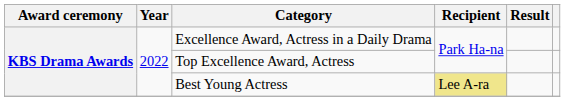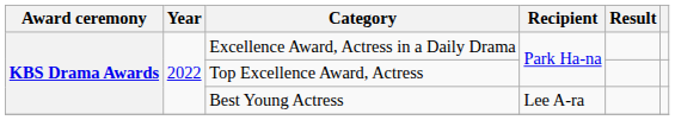 <table class="wikitable plainrowheaders sortable">
 <tr>
 <th scope="col">Award ceremony</th>
 <th scope="col">Year</th>
 <th scope="col">Category</th>
 <th scope="col">Recipient</th>
 <th scope="col">Result</th>
 <th scope="col" class="unsortable"></th>
 </tr>
 <tr>
 <th scope="row" rowspan="3"><a href='#'>KBS Drama Awards</a></th>
 <td style="text-align:center" rowspan="3"><a href='#'>2022</a></td>
 <td>Excellence Award, Actress in a Daily Drama</td>
 <td rowspan="2"><a href='#'>Park Ha-na</a></td>
 <td></td>
 <td style="text-align:center"></td>
 </tr>
 <tr>
 <td>Top Excellence Award, Actress</td>
 <td></td>
 <td style="text-align:center"></td>
 </tr>
 <tr>
 <td>Best Young Actress</td>
-<td style="background: khaki;">Lee A-ra</td>
+<td>Lee A-ra</td>
 <td></td>
 <td style="text-align:center"></td>
 </tr>
 <tr>
 </tr>
 </table>
